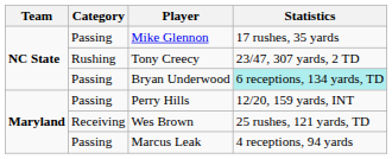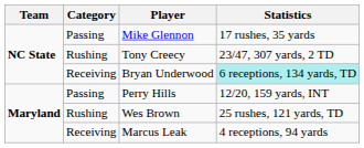 <table class="wikitable" style="float: left;">
 <tr>
 <th>Team</th>
 <th>Category</th>
 <th>Player</th>
 <th>Statistics</th>
 </tr>
 <tr>
 <td rowspan=3><strong>NC State</strong></td>
 <td>Passing</td>
 <td><a href='#'>Mike Glennon</a></td>
 <td>17 rushes, 35 yards</td>
 </tr>
 <tr>
 <td>Rushing</td>
 <td>Tony Creecy</td>
 <td>23/47, 307 yards, 2 TD</td>
 </tr>
 <tr>
-<td>Passing</td>
+<td>Receiving</td>
 <td>Bryan Underwood</td>
 <td style="background: paleturquoise;">6 receptions, 134 yards, TD</td>
 </tr>
 <tr>
 <td rowspan=3><strong>Maryland</strong></td>
 <td>Passing</td>
 <td>Perry Hills</td>
 <td>12/20, 159 yards, INT</td>
 </tr>
 <tr>
-<td>Receiving</td>
+<td>Rushing</td>
 <td>Wes Brown</td>
 <td>25 rushes, 121 yards, TD</td>
 </tr>
 <tr>
-<td>Passing</td>
+<td>Receiving</td>
 <td>Marcus Leak</td>
 <td>4 receptions, 94 yards</td>
 </tr>
 </table>
